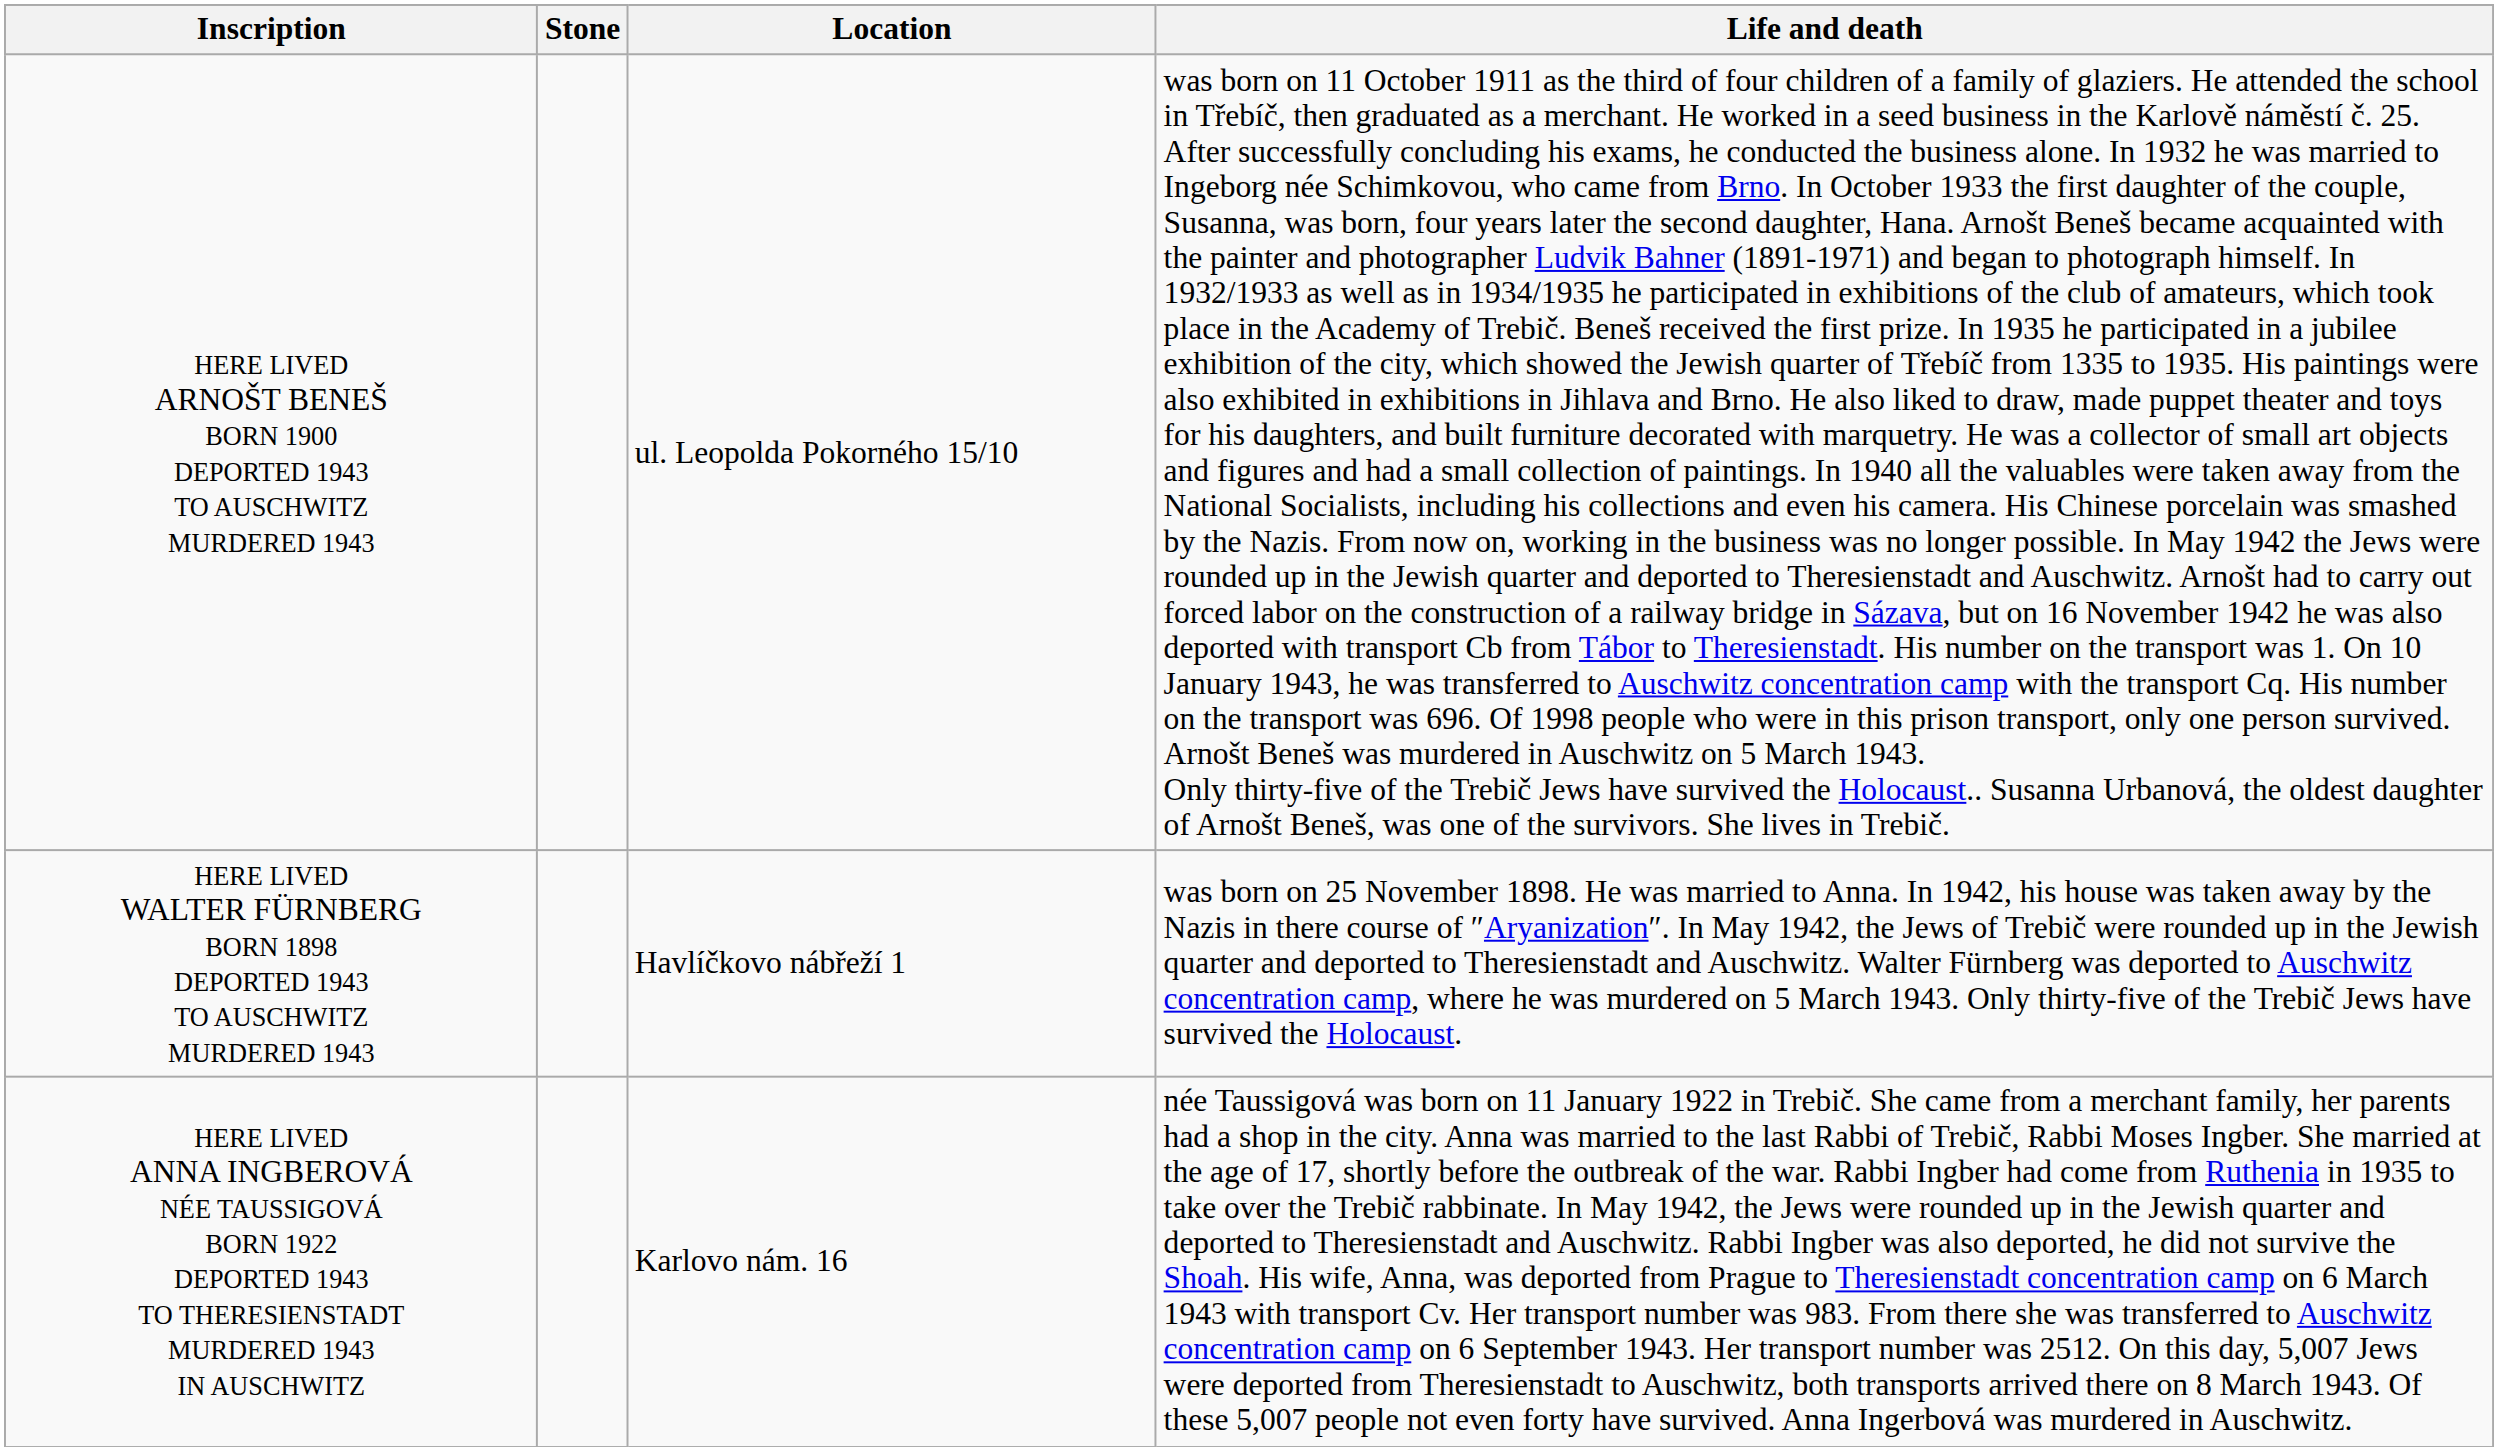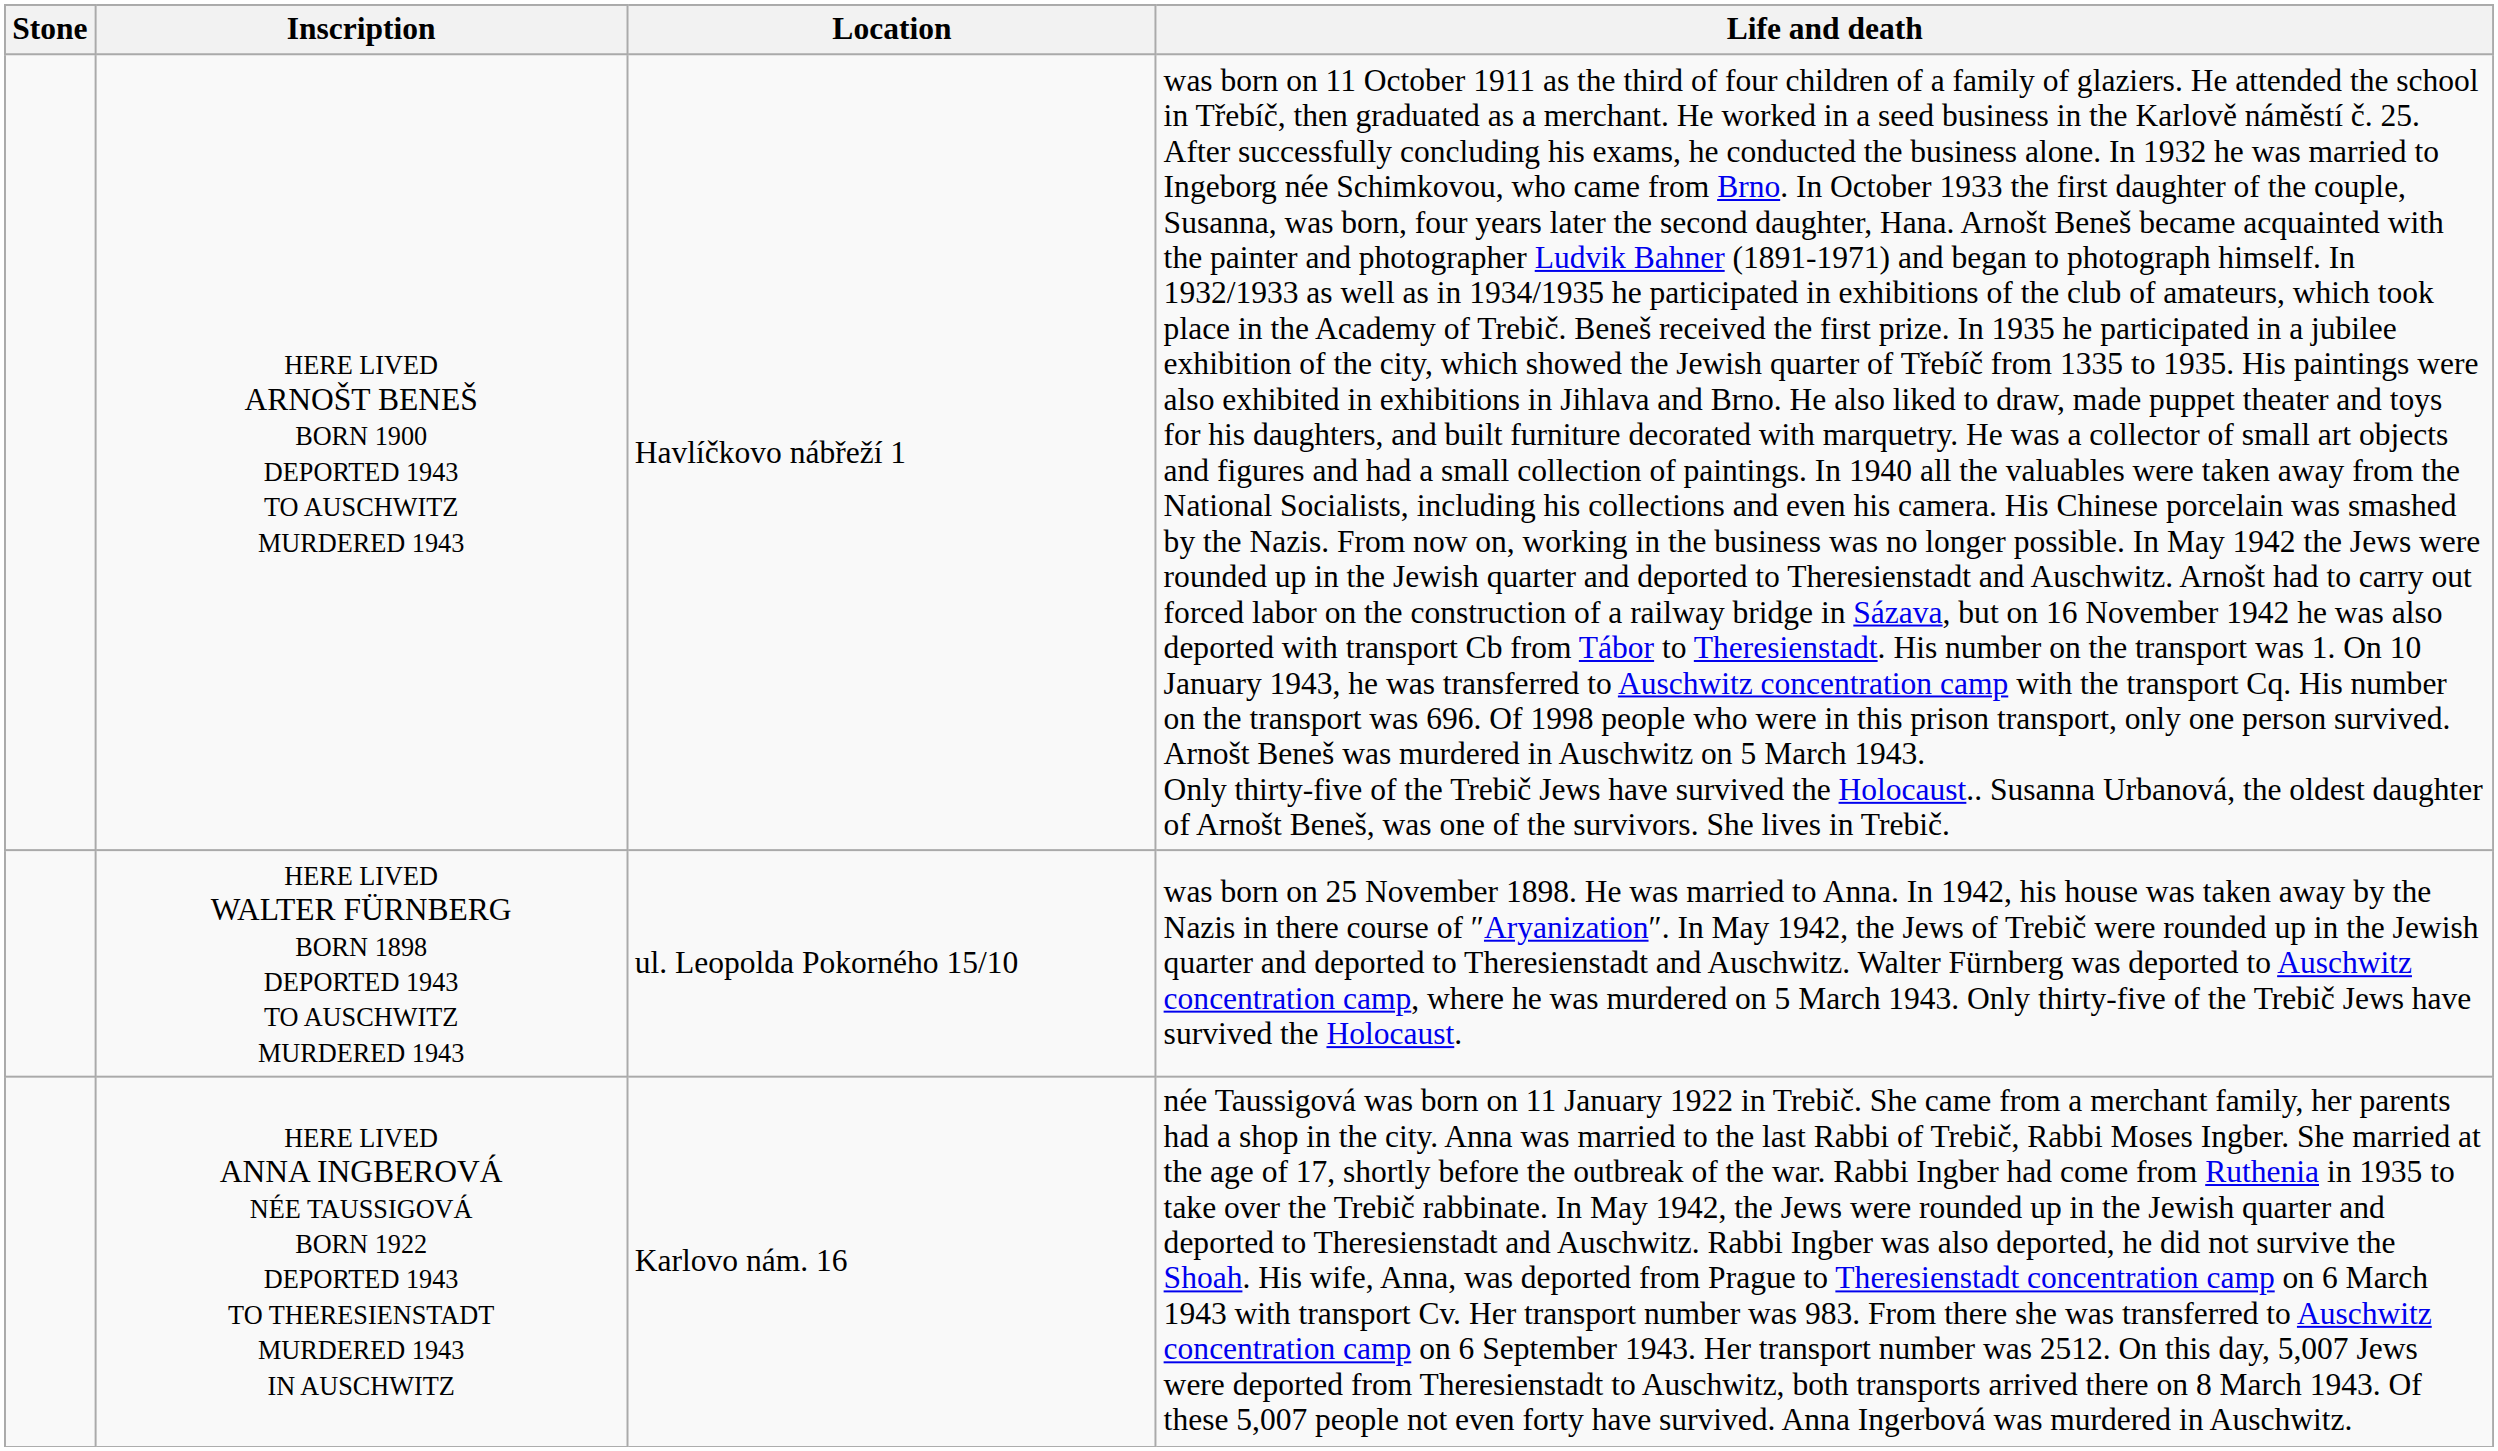 <table class="wikitable sortable toptextcells" style="width:100%">
 <tr>
+<th class="hintergrundfarbe6 unsortable" width="120px">Stone</th>
 <th class="hintergrundfarbe6 unsortable" style ="width:22%;">Inscription</th>
-<th class="hintergrundfarbe6 unsortable" width="120px">Stone</th>
 <th class="hintergrundfarbe6" data-sort-type="text" style ="width:22%;">Location</th>
 <th class="hintergrundfarbe6" style="width:100%;">Life and death</th>
 </tr>
 <tr>
+<td></td>
 <td style="text-align:center"><div><small>HERE LIVED</small><br>ARNOŠT BENEŠ<br><small>BORN 1900<br>DEPORTED 1943<br>TO AUSCHWITZ<br>MURDERED 1943</small></div></td>
-<td></td>
-<td>ul. Leopolda Pokorného 15/10<br></td>
+<td>Havlíčkovo nábřeží 1<br></td>
 <td><strong></strong> was born on 11 October 1911 as the third of four children of a family of glaziers. He attended the school in Třebíč, then graduated as a merchant. He worked in a seed business in the Karlově náměstí č. 25. After successfully concluding his exams, he conducted the business alone. In 1932 he was married to Ingeborg née Schimkovou, who came from <a href='#'>Brno</a>. In October 1933 the first daughter of the couple, Susanna, was born, four years later the second daughter, Hana. Arnošt Beneš became acquainted with the painter and photographer <a href='#'>Ludvik Bahner</a> (1891-1971) and began to photograph himself. In 1932/1933 as well as in 1934/1935 he participated in exhibitions of the club of amateurs, which took place in the Academy of Trebič. Beneš received the first prize. In 1935 he participated in a jubilee exhibition of the city, which showed the Jewish quarter of Třebíč from 1335 to 1935. His paintings were also exhibited in exhibitions in Jihlava and Brno. He also liked to draw, made puppet theater and toys for his daughters, and built furniture decorated with marquetry. He was a collector of small art objects and figures and had a small collection of paintings. In 1940 all the valuables were taken away from the National Socialists, including his collections and even  his camera. His Chinese porcelain was smashed by the Nazis. From now on, working in the business was no longer possible. In May 1942 the Jews were rounded up in the Jewish quarter and deported to Theresienstadt and Auschwitz. Arnošt had to carry out forced labor on the construction of a railway bridge in <a href='#'>Sázava</a>, but on 16 November 1942 he was also deported with  transport Cb from <a href='#'>Tábor</a> to <a href='#'>Theresienstadt</a>. His number on the transport was 1. On 10 January 1943, he was transferred to <a href='#'>Auschwitz concentration camp</a> with the transport Cq. His number on the transport was 696. Of 1998 people who were in this prison transport, only one person survived. Arnošt Beneš was murdered in Auschwitz on 5 March 1943.<br>Only thirty-five of the Trebič Jews have survived the <a href='#'>Holocaust</a>.. Susanna Urbanová, the oldest daughter of Arnošt Beneš, was one of the survivors. She lives in Trebič.</td>
 </tr>
 <tr>
+<td></td>
 <td style="text-align:center"><div><small>HERE LIVED</small><br>WALTER FÜRNBERG<br><small>BORN 1898<br>DEPORTED 1943<br>TO AUSCHWITZ<br>MURDERED 1943</small></div></td>
-<td></td>
-<td>Havlíčkovo nábřeží 1<br></td>
+<td>ul. Leopolda Pokorného 15/10<br></td>
 <td><strong></strong> was born on 25 November 1898. He was married to Anna. In 1942, his house was taken away by the Nazis in there course of ″<a href='#'>Aryanization</a>″. In May 1942, the Jews of Trebič were rounded up in the Jewish quarter and deported to Theresienstadt and Auschwitz. Walter Fürnberg was deported to <a href='#'>Auschwitz concentration camp</a>, where he was murdered on 5 March 1943. Only thirty-five of the Trebič Jews have survived the <a href='#'>Holocaust</a>.</td>
 </tr>
 <tr>
+<td></td>
 <td style="text-align:center"><div><small>HERE LIVED</small><br>ANNA INGBEROVÁ<br><small>NÉE TAUSSIGOVÁ<br>BORN 1922<br>DEPORTED 1943<br>TO THERESIENSTADT<br>MURDERED 1943<br>IN AUSCHWITZ</small></div></td>
-<td></td>
 <td>Karlovo nám. 16<br></td>
 <td><strong></strong> née Taussigová was born on 11 January 1922 in Trebič. She came from a merchant family, her parents had a shop in the city. Anna was married to the last Rabbi of Trebič, Rabbi Moses Ingber. She married at the age of 17, shortly before the outbreak of the war. Rabbi Ingber had come from <a href='#'>Ruthenia</a> in 1935 to take over the Trebič rabbinate. In May 1942, the Jews were rounded up in the Jewish quarter and deported to Theresienstadt and Auschwitz. Rabbi Ingber was also deported, he did not survive the <a href='#'>Shoah</a>. His wife, Anna, was deported from Prague to <a href='#'>Theresienstadt concentration camp</a> on 6 March 1943 with transport Cv. Her transport number was 983. From there she was transferred to <a href='#'>Auschwitz concentration camp</a> on 6 September 1943. Her transport number was 2512. On this day, 5,007 Jews were deported from Theresienstadt to Auschwitz, both transports arrived there on 8 March 1943. Of these 5,007 people not even forty have survived. Anna Ingerbová was murdered in Auschwitz.</td>
 </tr>
 </table>
